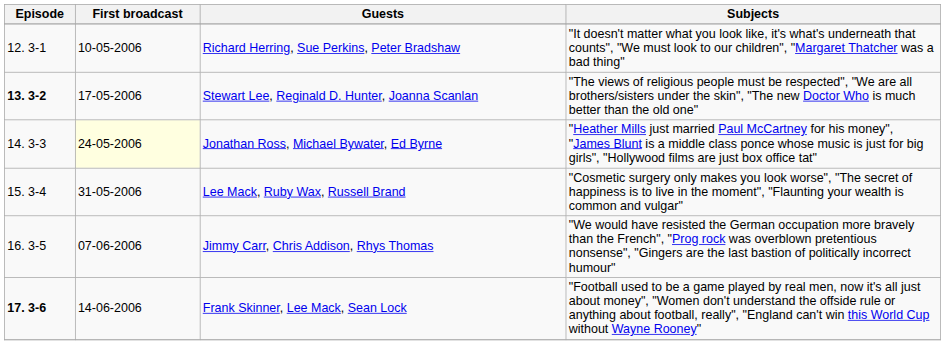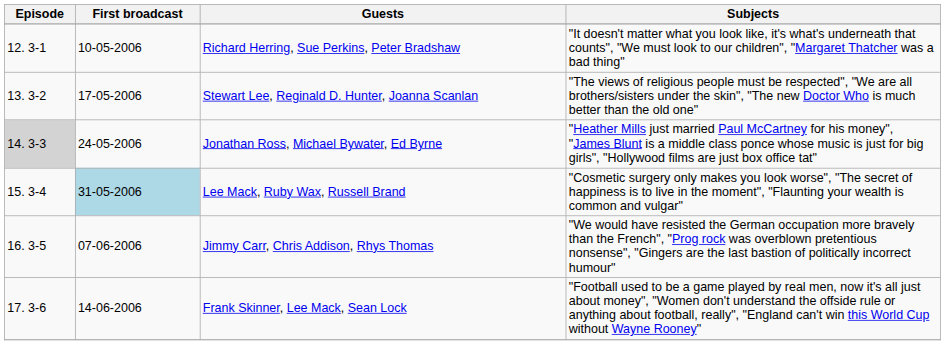 <table class="wikitable" style="width:95%;">
 <tr bgcolor="#cccccc">
 <th>Episode</th>
 <th>First broadcast</th>
 <th>Guests</th>
 <th style="width:40%;">Subjects</th>
 </tr>
 <tr>
 </tr>
 <tr>
 <td>12. 3-1</td>
 <td>10-05-2006</td>
 <td><a href='#'>Richard Herring</a>, <a href='#'>Sue Perkins</a>, <a href='#'>Peter Bradshaw</a></td>
 <td>"It doesn't matter what you look like, it's what's underneath that counts", "We must look to our children", "<a href='#'>Margaret Thatcher</a> was a bad thing"</td>
 </tr>
 <tr>
-<td><strong>13. 3-2</strong></td>
+<td>13. 3-2</td>
 <td>17-05-2006</td>
 <td><a href='#'>Stewart Lee</a>, <a href='#'>Reginald D. Hunter</a>, <a href='#'>Joanna Scanlan</a></td>
 <td>"The views of religious people must be respected", "We are all brothers/sisters under the skin", "The new <a href='#'>Doctor Who</a> is much better than the old one"</td>
 </tr>
 <tr>
-<td>14. 3-3</td>
-<td style="background: lightyellow;">24-05-2006</td>
+<td style="background: lightgrey;">14. 3-3</td>
+<td>24-05-2006</td>
 <td><a href='#'>Jonathan Ross</a>, <a href='#'>Michael Bywater</a>, <a href='#'>Ed Byrne</a></td>
 <td>"<a href='#'>Heather Mills</a> just married <a href='#'>Paul McCartney</a> for his money", "<a href='#'>James Blunt</a> is a middle class ponce whose music is just for big girls", "Hollywood films are just box office tat"</td>
 </tr>
 <tr>
 <td>15. 3-4</td>
-<td>31-05-2006</td>
+<td style="background: lightblue;">31-05-2006</td>
 <td><a href='#'>Lee Mack</a>, <a href='#'>Ruby Wax</a>, <a href='#'>Russell Brand</a></td>
 <td>"Cosmetic surgery only makes you look worse", "The secret of happiness is to live in the moment", "Flaunting your wealth is common and vulgar"</td>
 </tr>
 <tr>
 <td>16. 3-5</td>
 <td>07-06-2006</td>
 <td><a href='#'>Jimmy Carr</a>, <a href='#'>Chris Addison</a>, <a href='#'>Rhys Thomas</a></td>
 <td>"We would have resisted the German occupation more bravely than the French", "<a href='#'>Prog rock</a> was overblown pretentious nonsense", "Gingers are the last bastion of politically incorrect humour"</td>
 </tr>
 <tr>
-<td><strong>17. 3-6</strong></td>
+<td>17. 3-6</td>
 <td>14-06-2006</td>
 <td><a href='#'>Frank Skinner</a>, <a href='#'>Lee Mack</a>, <a href='#'>Sean Lock</a></td>
 <td>"Football used to be a game played by real men, now it's all just about money", "Women don't understand the offside rule or anything about football, really", "England can't win <a href='#'>this World Cup</a> without <a href='#'>Wayne Rooney</a>"</td>
 </tr>
 <tr>
 </tr>
 </table>
